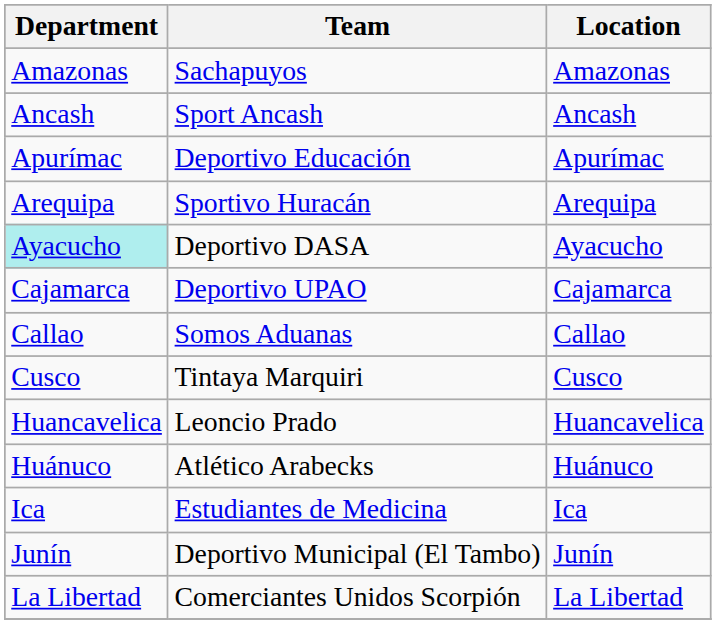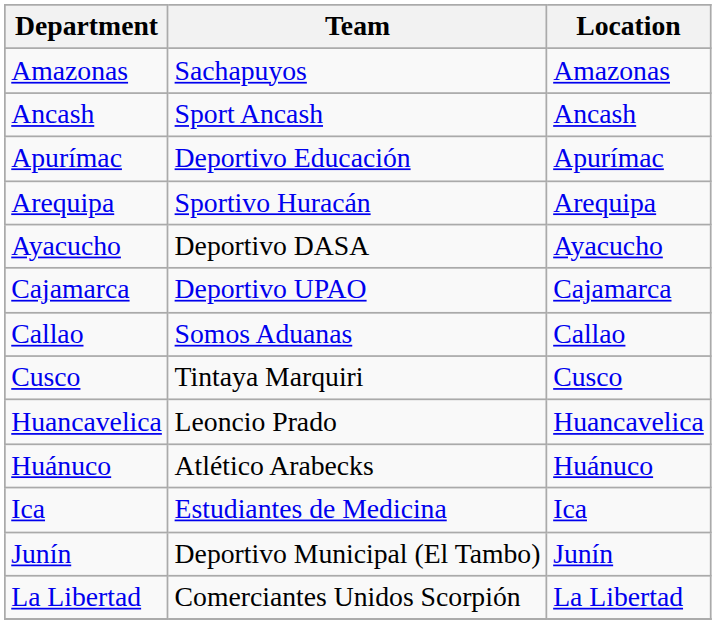 <table class="wikitable">
 <tr>
 <th>Department</th>
 <th>Team</th>
 <th>Location</th>
 </tr>
 <tr>
 <td><a href='#'>Amazonas</a></td>
 <td><a href='#'>Sachapuyos</a></td>
 <td><a href='#'>Amazonas</a></td>
 </tr>
 <tr>
 <td><a href='#'>Ancash</a></td>
 <td><a href='#'>Sport Ancash</a></td>
 <td><a href='#'>Ancash</a></td>
 </tr>
 <tr>
 <td><a href='#'>Apurímac</a></td>
 <td><a href='#'>Deportivo Educación</a></td>
 <td><a href='#'>Apurímac</a></td>
 </tr>
 <tr>
 <td><a href='#'>Arequipa</a></td>
 <td><a href='#'>Sportivo Huracán</a></td>
 <td><a href='#'>Arequipa</a></td>
 </tr>
 <tr>
-<td style="background: paleturquoise;"><a href='#'>Ayacucho</a></td>
+<td><a href='#'>Ayacucho</a></td>
 <td>Deportivo DASA</td>
 <td><a href='#'>Ayacucho</a></td>
 </tr>
 <tr>
 <td><a href='#'>Cajamarca</a></td>
 <td><a href='#'>Deportivo UPAO</a></td>
 <td><a href='#'>Cajamarca</a></td>
 </tr>
 <tr>
 <td><a href='#'>Callao</a></td>
 <td><a href='#'>Somos Aduanas</a></td>
 <td><a href='#'>Callao</a></td>
 </tr>
 <tr>
 <td><a href='#'>Cusco</a></td>
 <td>Tintaya Marquiri</td>
 <td><a href='#'>Cusco</a></td>
 </tr>
 <tr>
 <td><a href='#'>Huancavelica</a></td>
 <td>Leoncio Prado</td>
 <td><a href='#'>Huancavelica</a></td>
 </tr>
 <tr>
 <td><a href='#'>Huánuco</a></td>
 <td>Atlético Arabecks</td>
 <td><a href='#'>Huánuco</a></td>
 </tr>
 <tr>
 <td><a href='#'>Ica</a></td>
 <td><a href='#'>Estudiantes de Medicina</a></td>
 <td><a href='#'>Ica</a></td>
 </tr>
 <tr>
 <td><a href='#'>Junín</a></td>
 <td>Deportivo Municipal (El Tambo)</td>
 <td><a href='#'>Junín</a></td>
 </tr>
 <tr>
 <td><a href='#'>La Libertad</a></td>
 <td>Comerciantes Unidos Scorpión</td>
 <td><a href='#'>La Libertad</a></td>
 </tr>
 <tr>
 </tr>
 </table>
